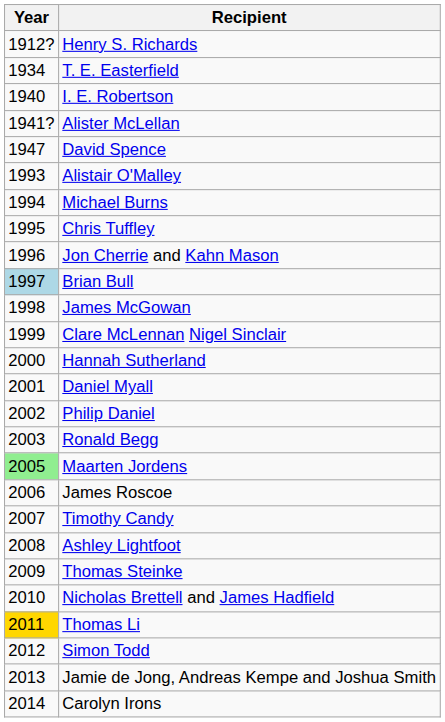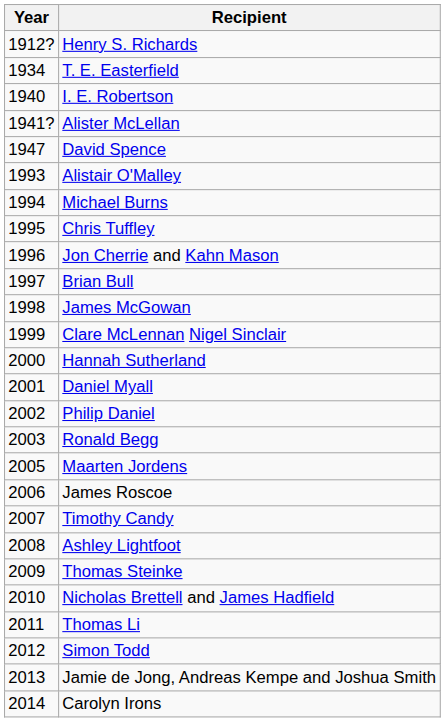 <table class="wikitable">
 <tr>
 <th>Year</th>
 <th>Recipient</th>
 </tr>
 <tr>
 <td>1912?</td>
 <td><a href='#'>Henry S. Richards</a></td>
 </tr>
 <tr>
 <td>1934</td>
 <td><a href='#'>T. E. Easterfield</a></td>
 </tr>
 <tr>
 <td>1940</td>
 <td><a href='#'>I. E. Robertson</a></td>
 </tr>
 <tr>
 <td>1941?</td>
 <td><a href='#'>Alister McLellan</a></td>
 </tr>
 <tr>
 <td>1947</td>
 <td><a href='#'>David Spence</a></td>
 </tr>
 <tr>
 <td>1993</td>
 <td><a href='#'>Alistair O'Malley</a></td>
 </tr>
 <tr>
 <td>1994</td>
 <td><a href='#'>Michael Burns</a></td>
 </tr>
 <tr>
 <td>1995</td>
 <td><a href='#'>Chris Tuffley</a></td>
 </tr>
 <tr>
 <td>1996</td>
 <td><a href='#'>Jon Cherrie</a> and <a href='#'>Kahn Mason</a></td>
 </tr>
 <tr>
-<td style="background: lightblue;">1997</td>
+<td>1997</td>
 <td><a href='#'>Brian Bull</a></td>
 </tr>
 <tr>
 <td>1998</td>
 <td><a href='#'>James McGowan</a></td>
 </tr>
 <tr>
 <td>1999</td>
 <td><a href='#'>Clare McLennan</a> <a href='#'>Nigel Sinclair</a></td>
 </tr>
 <tr>
 <td>2000</td>
 <td><a href='#'>Hannah Sutherland</a></td>
 </tr>
 <tr>
 <td>2001</td>
 <td><a href='#'>Daniel Myall</a></td>
 </tr>
 <tr>
 <td>2002</td>
 <td><a href='#'>Philip Daniel</a></td>
 </tr>
 <tr>
 <td>2003</td>
 <td><a href='#'>Ronald Begg</a></td>
 </tr>
 <tr>
-<td style="background: lightgreen;">2005</td>
+<td>2005</td>
 <td><a href='#'>Maarten Jordens</a></td>
 </tr>
 <tr>
 <td>2006</td>
 <td>James Roscoe</td>
 </tr>
 <tr>
 <td>2007</td>
 <td><a href='#'>Timothy Candy</a></td>
 </tr>
 <tr>
 <td>2008</td>
 <td><a href='#'>Ashley Lightfoot</a></td>
 </tr>
 <tr>
 <td>2009</td>
 <td><a href='#'>Thomas Steinke</a></td>
 </tr>
 <tr>
 <td>2010</td>
 <td><a href='#'>Nicholas Brettell</a> and <a href='#'>James Hadfield</a></td>
 </tr>
 <tr>
-<td style="background: gold;">2011</td>
+<td>2011</td>
 <td><a href='#'>Thomas Li</a></td>
 </tr>
 <tr>
 <td>2012</td>
 <td><a href='#'>Simon Todd</a></td>
 </tr>
 <tr>
 <td>2013</td>
 <td>Jamie de Jong, Andreas Kempe and Joshua Smith</td>
 </tr>
 <tr>
 <td>2014</td>
 <td>Carolyn Irons</td>
 </tr>
 </table>
